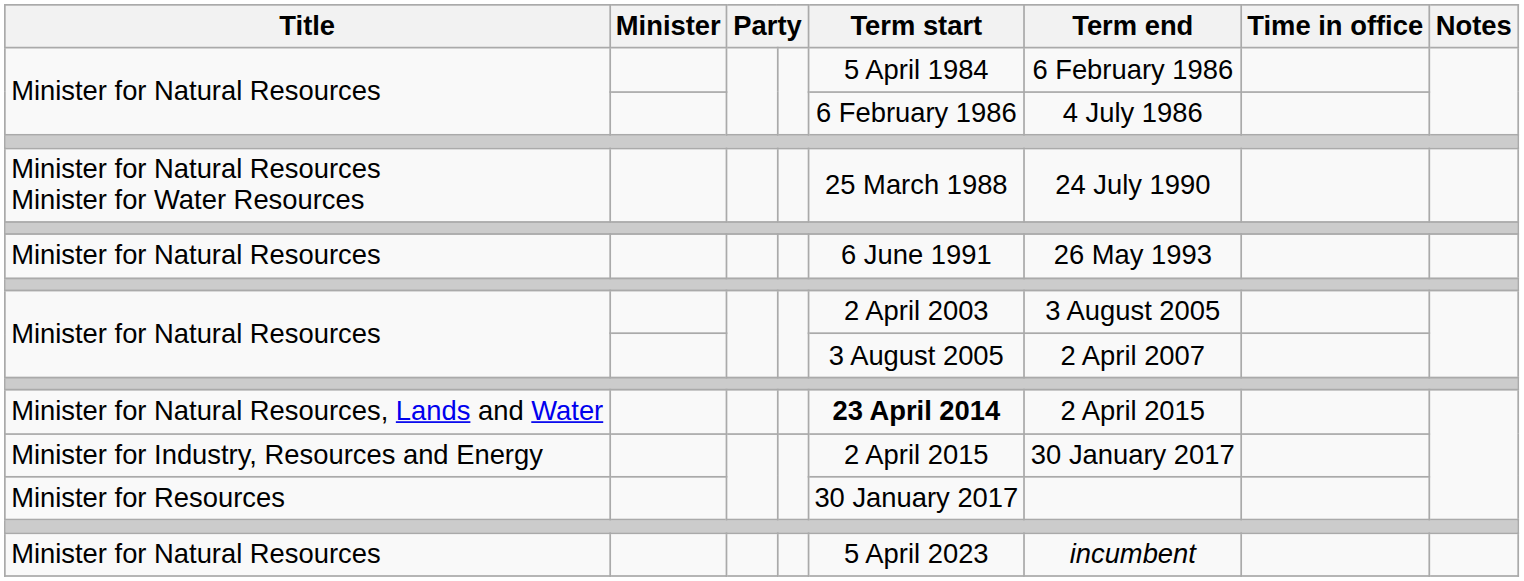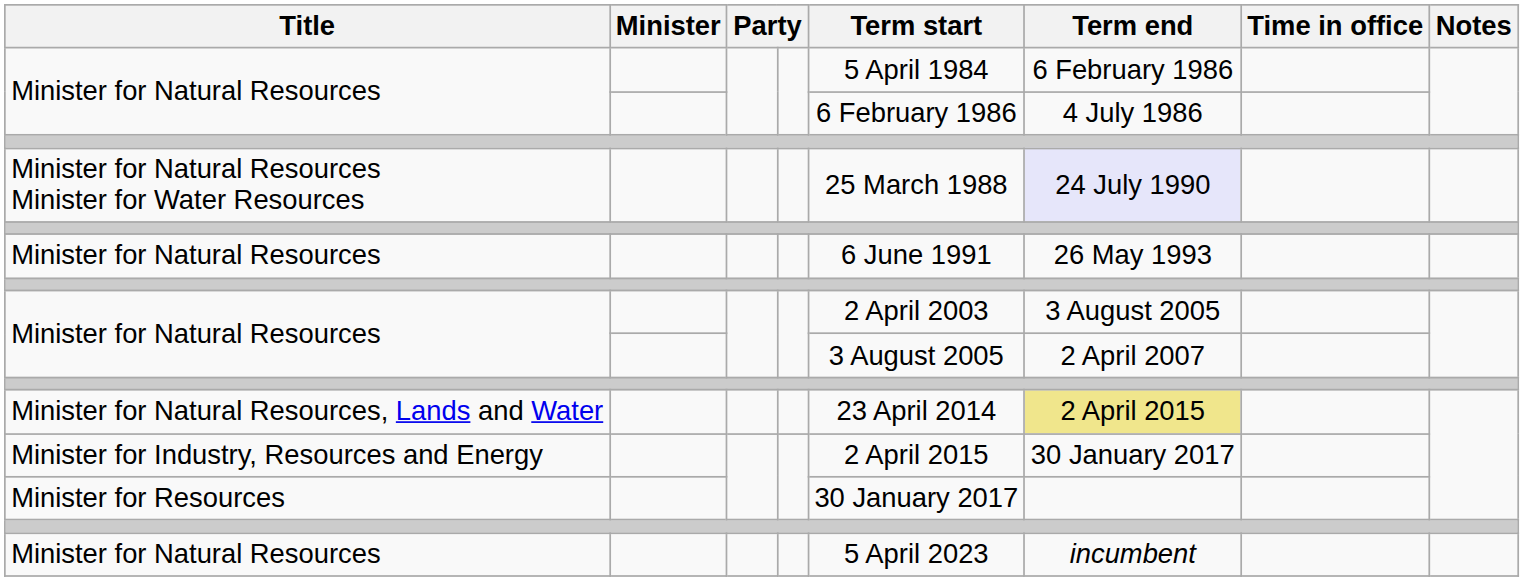 <table class="wikitable sortable">
 <tr>
 <th>Title</th>
 <th>Minister</th>
 <th colspan="2">Party</th>
 <th>Term start</th>
 <th>Term end</th>
 <th>Time in office</th>
 <th class="unsortable">Notes</th>
 </tr>
 <tr>
 <td rowspan="2">Minister for Natural Resources</td>
 <td></td>
 <td rowspan="2" > </td>
 <td rowspan="2"></td>
 <td align="center">5 April 1984</td>
 <td align="center">6 February 1986</td>
 <td align=right></td>
 </tr>
 <tr>
 <td></td>
 <td align="center">6 February 1986</td>
 <td align="center">4 July 1986</td>
 <td align=right></td>
 </tr>
 <tr class="sortbottom">
 <th colspan="8" style="background: #cccccc;"></th>
 </tr>
 <tr>
 <td>Minister for Natural Resources<br>Minister for Water Resources</td>
 <td></td>
 <td> </td>
 <td></td>
 <td align="center">25 March 1988</td>
-<td align="center">24 July 1990</td>
+<td align="center" style="background: lavender;">24 July 1990</td>
 <td align=right></td>
 </tr>
 <tr class="sortbottom">
 <th colspan="8" style="background: #cccccc;"></th>
 </tr>
 <tr>
 <td>Minister for Natural Resources</td>
 <td></td>
 <td> </td>
 <td></td>
 <td align="center">6 June 1991</td>
 <td align="center">26 May 1993</td>
 <td align=right></td>
 </tr>
 <tr class="sortbottom">
 <th colspan="8" style="background: #cccccc;"></th>
 </tr>
 <tr>
 <td rowspan="2">Minister for Natural Resources</td>
 <td></td>
 <td rowspan="2" > </td>
 <td rowspan="2"></td>
 <td align="center">2 April 2003</td>
 <td align="center">3 August 2005</td>
 <td align=right><strong></strong></td>
 </tr>
 <tr>
 <td></td>
 <td align="center">3 August 2005</td>
 <td align="center">2 April 2007</td>
 <td align=right></td>
 </tr>
 <tr class="sortbottom">
 <th colspan="8" style="background: #cccccc;"></th>
 </tr>
 <tr>
 <td>Minister for Natural Resources, <a href='#'>Lands</a> and <a href='#'>Water</a></td>
 <td></td>
 <td> </td>
 <td></td>
-<td align="center"><strong>23 April 2014</strong></td>
-<td align="center">2 April 2015</td>
+<td align="center">23 April 2014</td>
+<td align="center" style="background: khaki;">2 April 2015</td>
 <td align=right></td>
 </tr>
 <tr>
 <td>Minister for Industry, Resources and Energy</td>
 <td></td>
 <td rowspan="2" > </td>
 <td rowspan="2"></td>
 <td align="center">2 April 2015</td>
 <td align="center">30 January 2017</td>
 <td align=right></td>
 </tr>
 <tr>
 <td>Minister for Resources</td>
 <td></td>
 <td align="center">30 January 2017</td>
 <td align="center"></td>
 <td align=right></td>
 </tr>
 <tr class="sortbottom">
 <th colspan="8" style="background: #cccccc;"></th>
 </tr>
 <tr>
 <td>Minister for Natural Resources</td>
 <td></td>
 <td> </td>
 <td></td>
 <td align="center">5 April 2023</td>
 <td align="center"><em>incumbent</em></td>
 <td align=right></td>
 </tr>
 </table>
